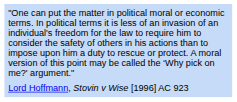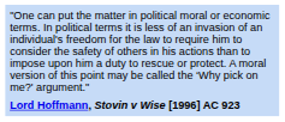 <table class="toccolours" style="float: left; margin-left: 1em; margin-right: 2em; font-size: 85%; background:#c6dbf7; color:black; width:25em; max-width: 38%;" cellspacing="5">
 <tr>
 <td style="text-align: left;">"One can put the matter in political moral or economic terms. In political terms it is less of an invasion of an individual's freedom for the law to require him to consider the safety of others in his actions than to impose upon him a duty to rescue or protect. A moral version of this point may be called the ‘Why pick on me?' argument."</td>
 </tr>
 <tr>
-<td style="text-align: left;"><a href='#'>Lord Hoffmann</a>, <em>Stovin v Wise</em> [1996] AC 923</td>
+<td style="text-align: left;"><strong><a href='#'>Lord Hoffmann</a>, <em>Stovin v Wise</em> [1996] AC 923</strong></td>
 </tr>
 </table>
